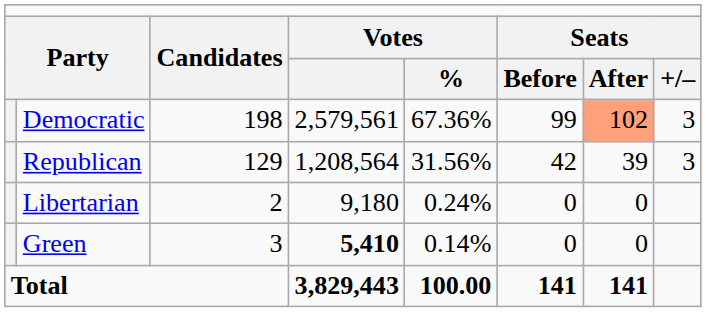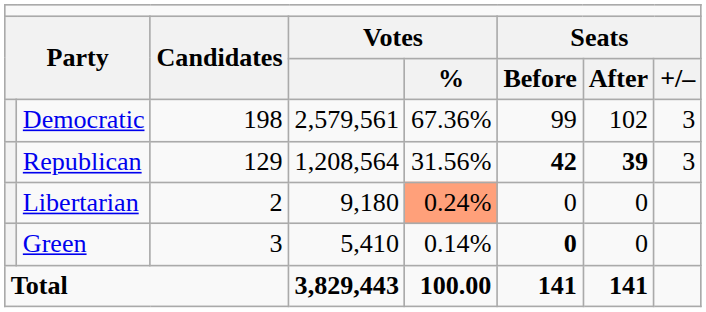 <table class="wikitable">
 <tr>
 <td colspan=13 align=center></td>
 </tr>
 <tr>
 <th rowspan="2" colspan="2">Party</th>
 <th rowspan="2">Candidates</th>
 <th colspan="2">Votes</th>
 <th colspan="3">Seats</th>
 </tr>
 <tr>
 <th></th>
 <th>%</th>
 <th>Before</th>
 <th>After</th>
 <th>+/–</th>
 </tr>
 <tr>
 <th style="background-color:"></th>
 <td><a href='#'>Democratic</a></td>
 <td align="right">198</td>
 <td align="right">2,579,561</td>
 <td align="right">67.36%</td>
 <td align="right" >99</td>
-<td align="right" style="background: lightsalmon;">102</td>
+<td align="right">102</td>
 <td align="right">3</td>
 </tr>
 <tr>
 <th style="background-color:"></th>
 <td><a href='#'>Republican</a></td>
 <td align="right">129</td>
 <td align="right">1,208,564</td>
 <td align="right">31.56%</td>
-<td align="right">42</td>
-<td align="right">39</td>
+<td align="right"><strong>42</strong></td>
+<td align="right"><strong>39</strong></td>
 <td align="right">3</td>
 </tr>
 <tr>
 <th style="background-color:"></th>
 <td><a href='#'>Libertarian</a></td>
 <td align="right">2</td>
 <td align="right">9,180</td>
-<td align="right">0.24%</td>
+<td align="right" style="background: lightsalmon;">0.24%</td>
 <td align="right">0</td>
 <td align="right">0</td>
 <td align="right"></td>
 </tr>
 <tr>
 <th style="background-color:"></th>
 <td><a href='#'>Green</a></td>
 <td align="right">3</td>
-<td align="right"><strong>5,410</strong></td>
+<td align="right">5,410</td>
 <td align="right">0.14%</td>
-<td align="right">0</td>
+<td align="right"><strong>0</strong></td>
 <td align="right">0</td>
 <td align="right"></td>
 </tr>
 <tr>
 <td colspan="3" align="left"><strong>Total</strong></td>
 <td align="right"><strong>3,829,443</strong></td>
 <td align="right"><strong>100.00</strong></td>
 <td align="right"><strong>141</strong></td>
 <td align="right"><strong>141</strong></td>
 <td align="right"></td>
 </tr>
 </table>
